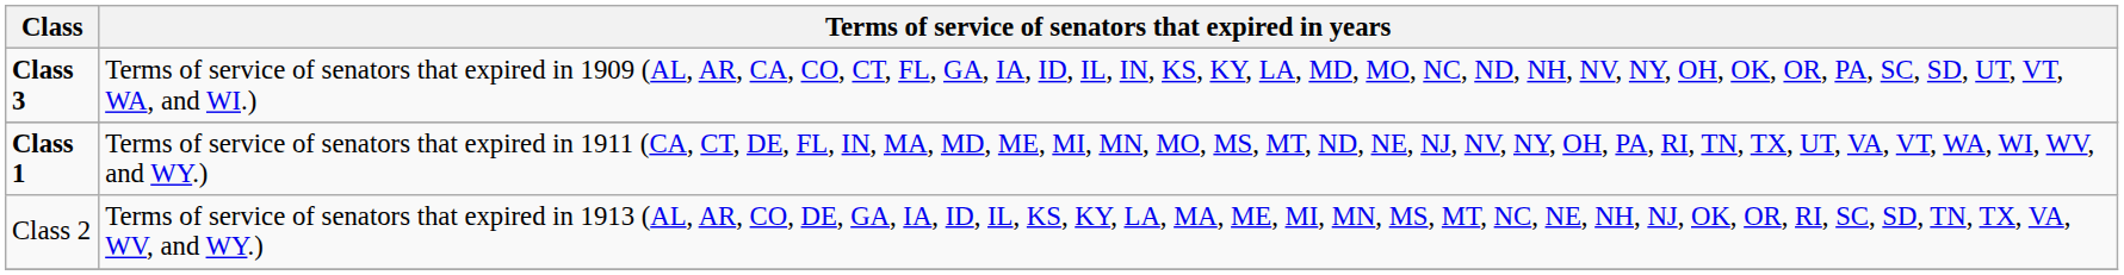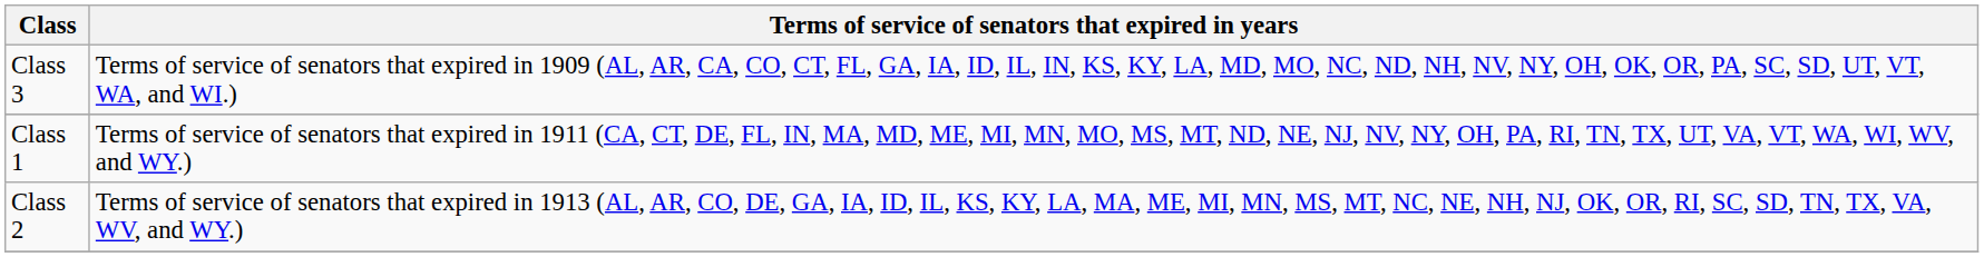 <table class="wikitable sortable">
 <tr valign=bottom>
 <th>Class</th>
 <th>Terms of service of senators that expired in years</th>
 </tr>
 <tr>
-<td><strong>Class 3</strong></td>
+<td>Class 3</td>
 <td>Terms of service of senators that expired in 1909 (<a href='#'>AL</a>, <a href='#'>AR</a>, <a href='#'>CA</a>, <a href='#'>CO</a>, <a href='#'>CT</a>, <a href='#'>FL</a>, <a href='#'>GA</a>, <a href='#'>IA</a>, <a href='#'>ID</a>, <a href='#'>IL</a>, <a href='#'>IN</a>, <a href='#'>KS</a>, <a href='#'>KY</a>, <a href='#'>LA</a>, <a href='#'>MD</a>, <a href='#'>MO</a>, <a href='#'>NC</a>, <a href='#'>ND</a>, <a href='#'>NH</a>, <a href='#'>NV</a>, <a href='#'>NY</a>, <a href='#'>OH</a>, <a href='#'>OK</a>, <a href='#'>OR</a>, <a href='#'>PA</a>, <a href='#'>SC</a>, <a href='#'>SD</a>, <a href='#'>UT</a>, <a href='#'>VT</a>, <a href='#'>WA</a>, and <a href='#'>WI</a>.)</td>
 </tr>
 <tr>
 </tr>
 <tr>
-<td><strong>Class 1</strong></td>
+<td>Class 1</td>
 <td>Terms of service of senators that expired in 1911 (<a href='#'>CA</a>, <a href='#'>CT</a>, <a href='#'>DE</a>, <a href='#'>FL</a>, <a href='#'>IN</a>, <a href='#'>MA</a>, <a href='#'>MD</a>, <a href='#'>ME</a>,  <a href='#'>MI</a>, <a href='#'>MN</a>, <a href='#'>MO</a>, <a href='#'>MS</a>, <a href='#'>MT</a>, <a href='#'>ND</a>, <a href='#'>NE</a>, <a href='#'>NJ</a>,  <a href='#'>NV</a>, <a href='#'>NY</a>, <a href='#'>OH</a>, <a href='#'>PA</a>, <a href='#'>RI</a>, <a href='#'>TN</a>, <a href='#'>TX</a>, <a href='#'>UT</a>, <a href='#'>VA</a>, <a href='#'>VT</a>, <a href='#'>WA</a>, <a href='#'>WI</a>, <a href='#'>WV</a>, and <a href='#'>WY</a>.)</td>
 </tr>
 <tr>
 <td>Class 2</td>
 <td>Terms of service of senators that expired in 1913 (<a href='#'>AL</a>, <a href='#'>AR</a>, <a href='#'>CO</a>, <a href='#'>DE</a>, <a href='#'>GA</a>, <a href='#'>IA</a>, <a href='#'>ID</a>, <a href='#'>IL</a>, <a href='#'>KS</a>, <a href='#'>KY</a>, <a href='#'>LA</a>, <a href='#'>MA</a>, <a href='#'>ME</a>, <a href='#'>MI</a>, <a href='#'>MN</a>, <a href='#'>MS</a>, <a href='#'>MT</a>, <a href='#'>NC</a>, <a href='#'>NE</a>, <a href='#'>NH</a>, <a href='#'>NJ</a>, <a href='#'>OK</a>, <a href='#'>OR</a>, <a href='#'>RI</a>, <a href='#'>SC</a>, <a href='#'>SD</a>, <a href='#'>TN</a>, <a href='#'>TX</a>, <a href='#'>VA</a>, <a href='#'>WV</a>, and <a href='#'>WY</a>.)</td>
 </tr>
 <tr>
 </tr>
 </table>
